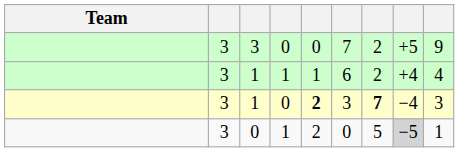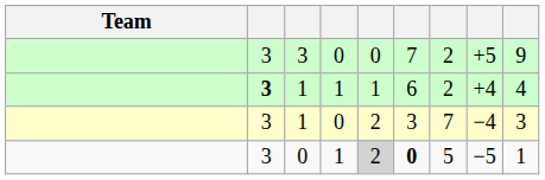 <table class="wikitable" style="text-align: center;">
 <tr>
 <th width="175">Team</th>
 <th width="20"></th>
 <th width="20"></th>
 <th width="20"></th>
 <th width="20"></th>
 <th width="20"></th>
 <th width="20"></th>
 <th width="20"></th>
 <th width="20"></th>
 </tr>
 <tr bgcolor="#ccffcc">
 <td align=left></td>
 <td>3</td>
 <td>3</td>
 <td>0</td>
 <td>0</td>
 <td>7</td>
 <td>2</td>
 <td>+5</td>
 <td>9</td>
 </tr>
 <tr bgcolor="#ccffcc">
 <td align=left></td>
-<td>3</td>
+<td><strong>3</strong></td>
 <td>1</td>
 <td>1</td>
 <td>1</td>
 <td>6</td>
 <td>2</td>
 <td>+4</td>
 <td>4</td>
 </tr>
 <tr bgcolor=#ffffcc>
 <td align=left></td>
 <td>3</td>
 <td>1</td>
 <td>0</td>
-<td><strong>2</strong></td>
+<td>2</td>
 <td>3</td>
-<td><strong>7</strong></td>
+<td>7</td>
 <td>−4</td>
 <td>3</td>
 </tr>
 <tr>
 <td align=left></td>
 <td>3</td>
 <td>0</td>
 <td>1</td>
-<td>2</td>
-<td>0</td>
+<td style="background: lightgrey;">2</td>
+<td><strong>0</strong></td>
 <td>5</td>
-<td style="background: lightgrey;">−5</td>
+<td>−5</td>
 <td>1</td>
 </tr>
 </table>
